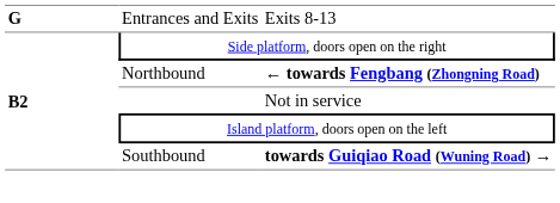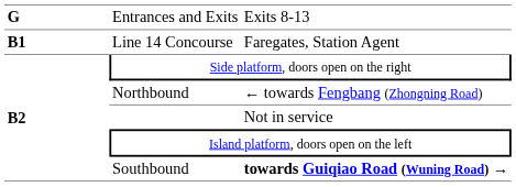 <table cellspacing=0 cellpadding=3>
 <tr>
 <td style="border-top:solid 1px gray;border-bottom:solid 1px gray;" width=100><strong>G</strong></td>
 <td style="border-top:solid 1px gray;border-bottom:solid 1px gray;">Entrances and Exits</td>
 <td style="border-top:solid 1px gray;border-bottom:solid 1px gray;">Exits 8-13</td>
 </tr>
 <tr>
+<td style="border-bottom:solid 1px gray;"><strong>B1</strong></td>
+<td style="border-bottom:solid 1px gray;">Line 14 Concourse</td>
+<td style="border-bottom:solid 1px gray;">Faregates, Station Agent</td>
+</tr>
+<tr>
 <td style="border-bottom:solid 1px gray;" rowspan=5><strong>B2</strong></td>
 <td style="border-right:solid 2px black;border-left:solid 2px black;border-bottom:solid 2px black;text-align:center;" colspan=2><small><a href='#'>Side platform</a>, doors open on the right</small></td>
 </tr>
 <tr>
 <td>Northbound</td>
-<td><strong>←  towards <a href='#'>Fengbang</a> <small>(<a href='#'>Zhongning Road</a>)</small></strong></td>
+<td>←  towards <a href='#'>Fengbang</a> <small>(<a href='#'>Zhongning Road</a>)</small></td>
 </tr>
 <tr>
 <td style="border-top:solid 1px gray;"></td>
 <td style="border-top:solid 1px gray;">Not in service</td>
 </tr>
 <tr>
 <td style="border-right:solid 2px black;border-left:solid 2px black;border-top:solid 2px black;border-bottom:solid 2px black;text-align:center;" colspan=2><small><a href='#'>Island platform</a>, doors open on the left</small></td>
 </tr>
 <tr>
 <td style="border-bottom:solid 1px gray;">Southbound</td>
 <td style="border-bottom:solid 1px gray;text-align:center;"><strong>  towards <a href='#'>Guiqiao Road</a> <small>(<a href='#'>Wuning Road</a>)</small> →</strong></td>
 </tr>
 </table>
